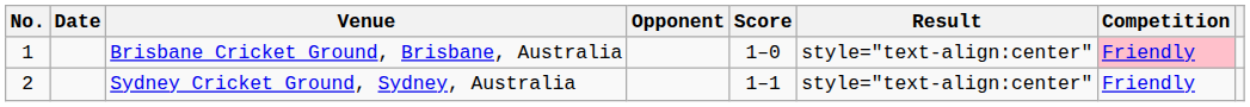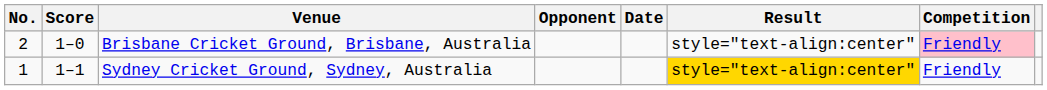 <table class="wikitable sortable">
 <tr>
 <th scope="col">No.</th>
-<th scope="col">Date</th>
+<th scope="col">Score</th>
 <th scope="col">Venue</th>
 <th scope="col">Opponent</th>
-<th scope="col">Score</th>
+<th scope="col">Date</th>
 <th scope="col">Result</th>
 <th scope="col">Competition</th>
 <th scope="col" class="unsortable"></th>
 </tr>
 <tr>
-<td style="text-align:center">1</td>
-<td></td>
+<td style="text-align:center">2</td>
+<td style="text-align:center">1–0</td>
 <td><a href='#'>Brisbane Cricket Ground</a>, <a href='#'>Brisbane</a>, Australia</td>
 <td></td>
-<td style="text-align:center">1–0</td>
+<td></td>
 <td>style="text-align:center" </td>
 <td style="background: pink;"><a href='#'>Friendly</a></td>
 <td></td>
 </tr>
 <tr>
-<td style="text-align:center">2</td>
-<td></td>
+<td style="text-align:center">1</td>
+<td style="text-align:center">1–1</td>
 <td><a href='#'>Sydney Cricket Ground</a>, <a href='#'>Sydney</a>, Australia</td>
 <td></td>
-<td style="text-align:center">1–1</td>
-<td>style="text-align:center" </td>
+<td></td>
+<td style="background: gold;">style="text-align:center" </td>
 <td><a href='#'>Friendly</a></td>
 <td></td>
 </tr>
 </table>
